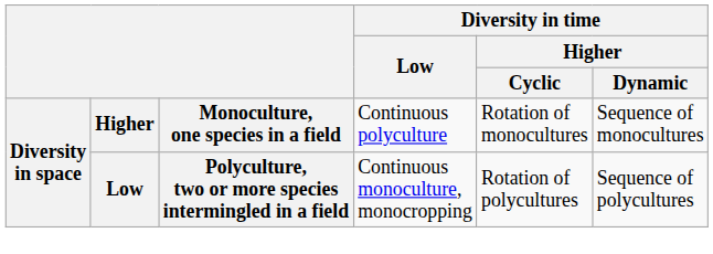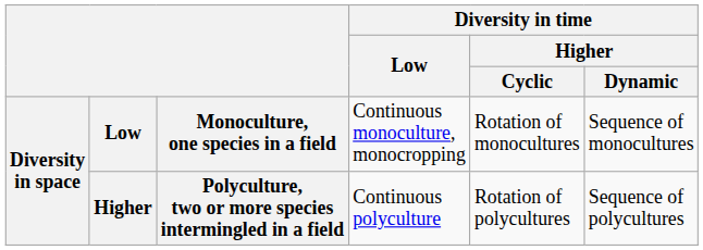 <table style="margin-left: auto; margin-right: auto; border: none;" class="wikitable">
 <tr>
 <th rowspan="3" colspan="3"></th>
 <th colspan="3">Diversity in time</th>
 </tr>
 <tr>
 <th rowspan="2">Low</th>
 <th colspan="2">Higher</th>
 </tr>
 <tr>
 <th>Cyclic</th>
 <th>Dynamic</th>
 </tr>
 <tr>
 <th rowspan="2">Diversity<br>in space</th>
-<th>Higher</th>
+<th>Low</th>
 <th>Monoculture,<br>one species in a field</th>
-<td>Continuous<br><a href='#'>polyculture</a></td>
+<td>Continuous<br><a href='#'>monoculture</a>,<br>monocropping</td>
 <td>Rotation of<br>monocultures</td>
 <td>Sequence of<br>monocultures</td>
 </tr>
 <tr>
-<th>Low</th>
+<th>Higher</th>
 <th>Polyculture,<br>two or more species<br>intermingled in a field</th>
-<td>Continuous<br><a href='#'>monoculture</a>,<br>monocropping</td>
+<td>Continuous<br><a href='#'>polyculture</a></td>
 <td>Rotation of<br>polycultures</td>
 <td>Sequence of<br>polycultures</td>
 </tr>
 </table>
